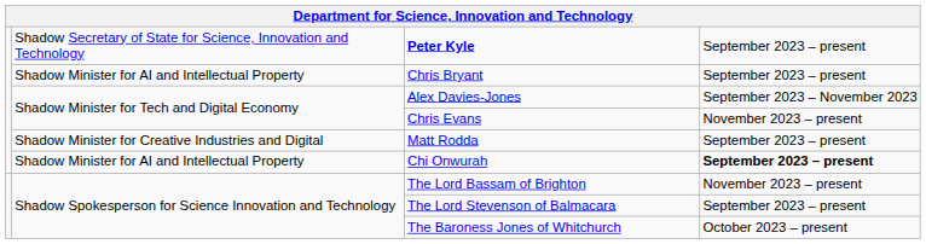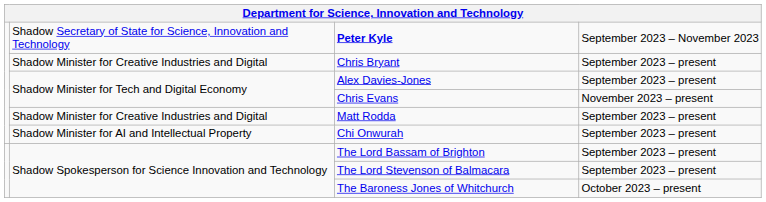 <table class="wikitable">
 <tr>
 <th colspan="5"><a href='#'>Department for Science, Innovation and Technology</a></th>
 </tr>
 <tr>
 <td rowspan="6" style="background: "></td>
 <td style="width: 450px;">Shadow <a href='#'>Secretary of State for Science, Innovation and Technology</a></td>
 <td style="width: 337px;"><strong><a href='#'>Peter Kyle</a></strong></td>
-<td>September 2023 – present</td>
+<td>September 2023 – November 2023</td>
 </tr>
 <tr>
-<td>Shadow Minister for AI and Intellectual Property</td>
+<td>Shadow Minister for Creative Industries and Digital</td>
 <td style="width: 337px;"><a href='#'>Chris Bryant</a></td>
 <td>September 2023 – present</td>
 </tr>
 <tr>
 <td rowspan="2">Shadow Minister for Tech and Digital Economy</td>
 <td style="width: 337px;"><a href='#'>Alex Davies-Jones</a></td>
-<td>September 2023 – November 2023</td>
+<td>September 2023 – present</td>
 </tr>
 <tr>
 <td style="width: 337px;"><a href='#'>Chris Evans</a></td>
 <td>November 2023 – present</td>
 </tr>
 <tr>
 <td>Shadow Minister for Creative Industries and Digital</td>
 <td style="width: 337px;"><a href='#'>Matt Rodda</a></td>
 <td>September 2023 – present</td>
 </tr>
 <tr>
 <td>Shadow Minister for AI and Intellectual Property</td>
 <td style="width: 337px:"><a href='#'>Chi Onwurah</a></td>
-<td><strong>September 2023 – present</strong></td>
+<td>September 2023 – present</td>
 </tr>
 <tr>
 <td rowspan="3" style="background: "></td>
 <td rowspan="3">Shadow Spokesperson for Science Innovation and Technology</td>
 <td><a href='#'>The Lord Bassam of Brighton</a></td>
-<td>November 2023 – present</td>
+<td>September 2023 – present</td>
 </tr>
 <tr>
 <td><a href='#'>The Lord Stevenson of Balmacara</a></td>
 <td>September 2023 – present</td>
 </tr>
 <tr>
 <td><a href='#'>The Baroness Jones of Whitchurch</a></td>
 <td>October 2023 – present</td>
 </tr>
 </table>
